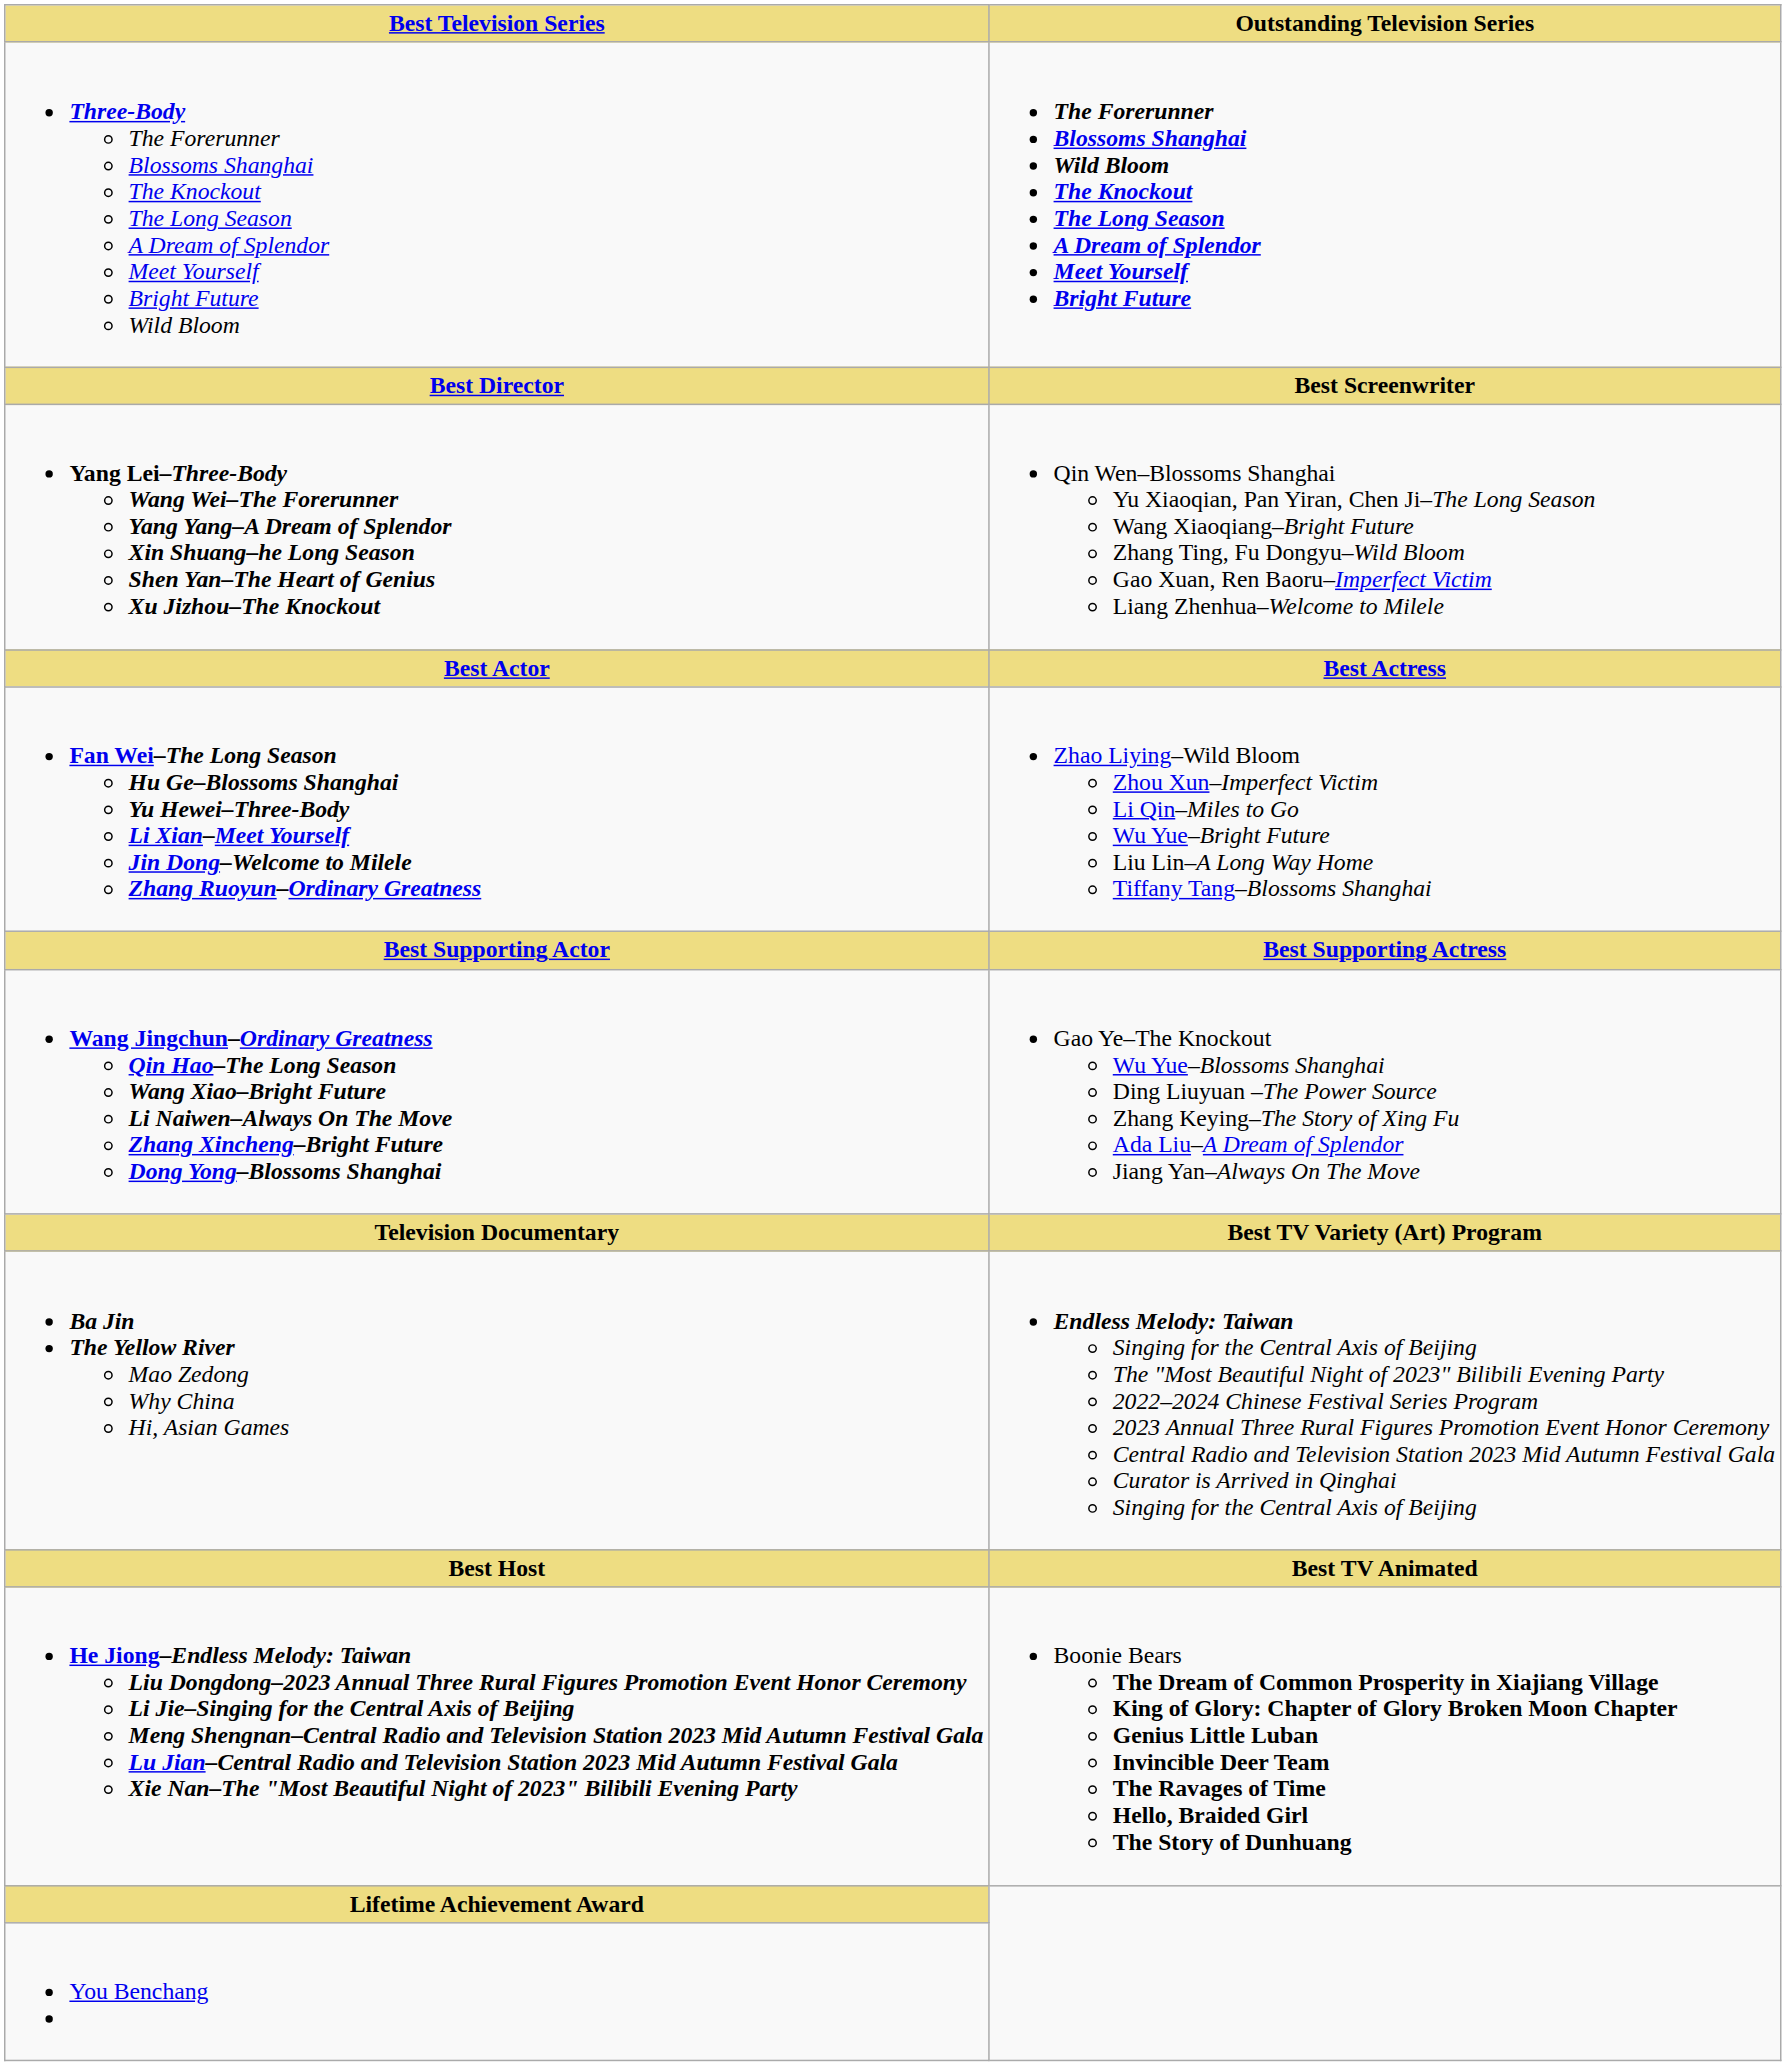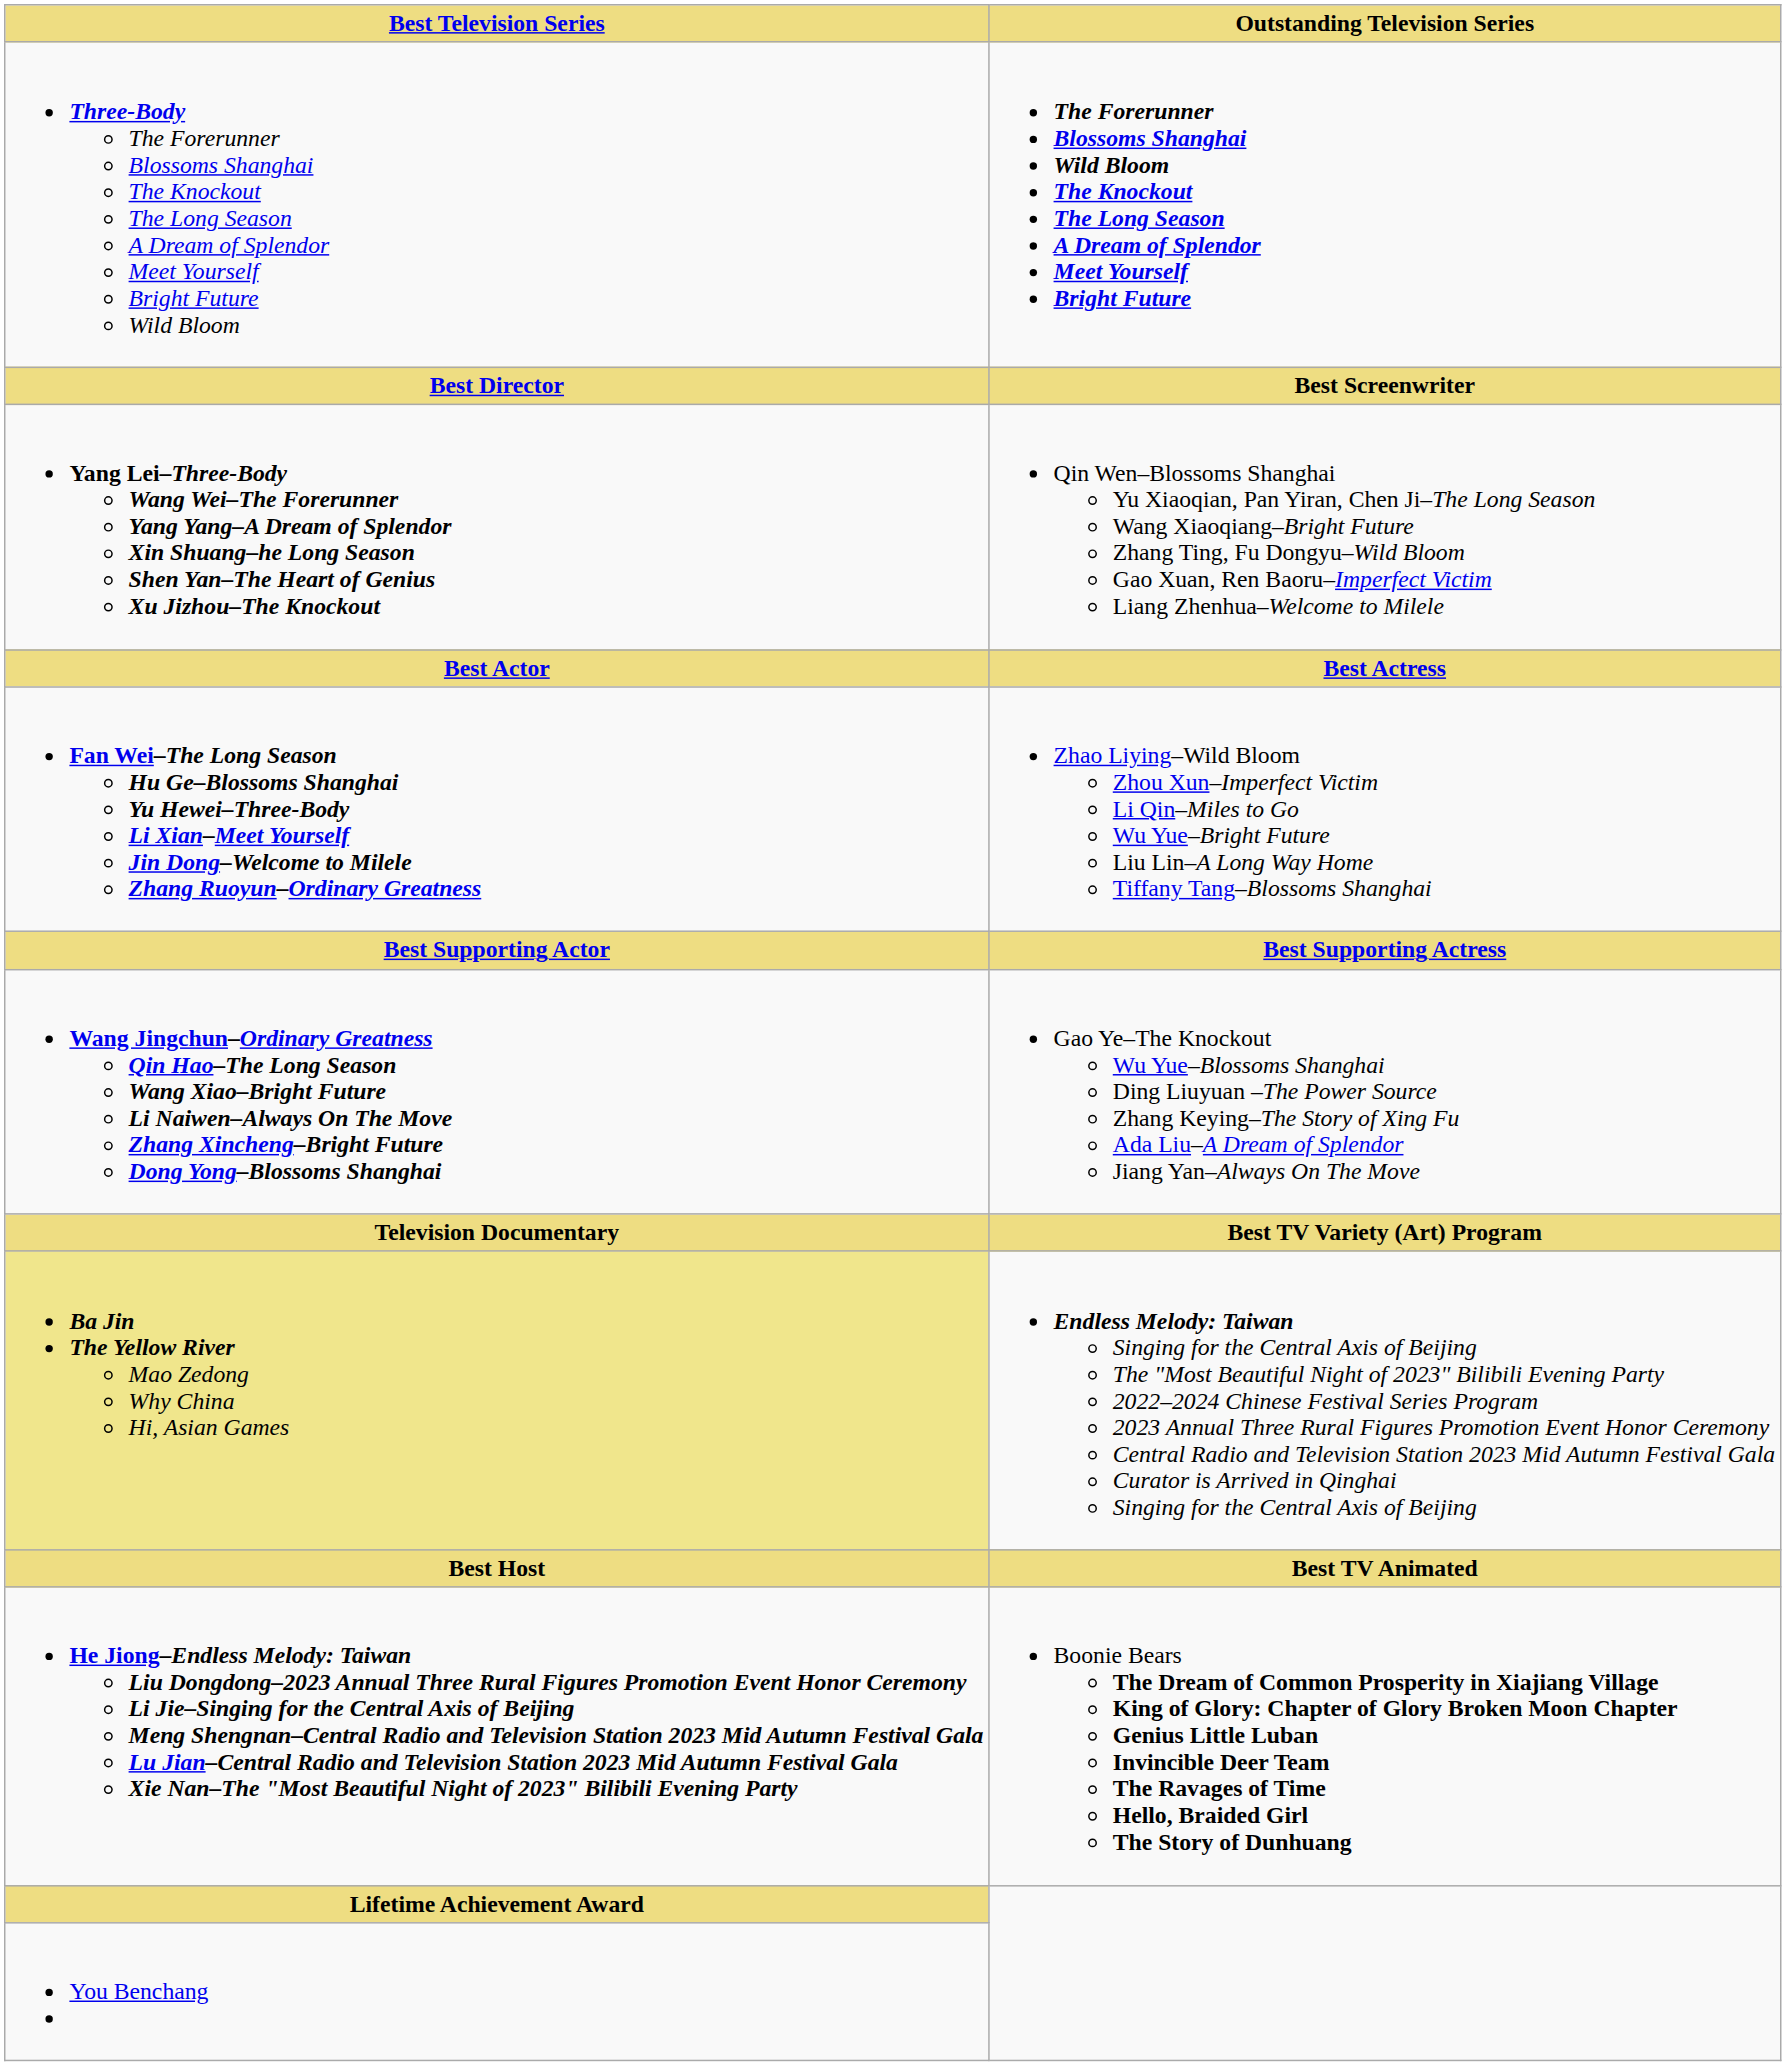 <table class="wikitable">
 <tr>
 <th style="background:#EEDD82; width=50%"><a href='#'>Best Television Series</a></th>
 <th style="background:#EEDD82; width=50%">Outstanding Television Series</th>
 </tr>
 <tr>
 <td valign="top"><br><ul><li><strong><em><a href='#'>Three-Body</a></em></strong><ul><li><em>The Forerunner</em></li><li><em><a href='#'>Blossoms Shanghai</a></em></li><li><em><a href='#'>The Knockout</a></em></li><li><em><a href='#'>The Long Season</a></em></li><li><em><a href='#'>A Dream of Splendor</a></em></li><li><em><a href='#'>Meet Yourself</a></em></li><li><em><a href='#'>Bright Future</a></em></li><li><em>Wild Bloom</em></li></ul></li></ul></td>
 <td valign="top"><br><ul><li><strong><em>The Forerunner</em></strong></li><li><strong><em><a href='#'>Blossoms Shanghai</a></em></strong></li><li><strong><em>Wild Bloom</em></strong></li><li><strong><em><a href='#'>The Knockout</a></em></strong></li><li><strong><em><a href='#'>The Long Season</a></em></strong></li><li><strong><em><a href='#'>A Dream of Splendor</a></em></strong></li><li><strong><em><a href='#'>Meet Yourself</a></em></strong></li><li><strong><em><a href='#'>Bright Future</a></em></strong></li></ul></td>
 </tr>
 <tr>
 <th style="background:#EEDD82; width=50%"><a href='#'>Best Director</a></th>
 <th style="background:#EEDD82; width=50%">Best Screenwriter</th>
 </tr>
 <tr>
 <td valign="top"><br><ul><li><strong>Yang Lei–<em>Three-Body<strong><em><ul><li>Wang Wei–</em>The Forerunner<em></li><li>Yang Yang–</em>A Dream of Splendor<em></li><li>Xin Shuang–</em>he Long Season<em></li><li>Shen Yan–</em>The Heart of Genius<em></li><li>Xu Jizhou–</em>The Knockout<em></li></ul></li></ul></td>
 <td valign="top"><br><ul><li></strong>Qin Wen–</em>Blossoms Shanghai</em></strong><ul><li>Yu Xiaoqian, Pan Yiran, Chen Ji–<em>The Long Season</em></li><li>Wang Xiaoqiang–<em>Bright Future</em></li><li>Zhang Ting, Fu Dongyu–<em>Wild Bloom</em></li><li>Gao Xuan, Ren Baoru–<em><a href='#'>Imperfect Victim</a></em></li><li>Liang Zhenhua–<em>Welcome to Milele</em></li></ul></li></ul></td>
 </tr>
 <tr>
 <th style="background:#EEDD82; width=50%"><a href='#'>Best Actor</a></th>
 <th style="background:#EEDD82; width=50%"><a href='#'>Best Actress</a></th>
 </tr>
 <tr>
 <td valign="top"><br><ul><li><strong><a href='#'>Fan Wei</a>–<em>The Long Season<strong><em><ul><li>Hu Ge–</em>Blossoms Shanghai<em></li><li>Yu Hewei–</em>Three-Body<em></li><li><a href='#'>Li Xian</a>–</em><a href='#'>Meet Yourself</a><em></li><li><a href='#'>Jin Dong</a>–</em>Welcome to Milele<em></li><li><a href='#'>Zhang Ruoyun</a>–</em><a href='#'>Ordinary Greatness</a><em></li></ul></li></ul></td>
 <td valign="top"><br><ul><li></strong><a href='#'>Zhao Liying</a>–</em>Wild Bloom</em></strong><ul><li><a href='#'>Zhou Xun</a>–<em>Imperfect Victim </em></li><li><a href='#'>Li Qin</a>–<em>Miles to Go</em></li><li><a href='#'>Wu Yue</a>–<em>Bright Future</em></li><li>Liu Lin–<em>A Long Way Home</em></li><li><a href='#'>Tiffany Tang</a>–<em>Blossoms Shanghai</em></li></ul></li></ul></td>
 </tr>
 <tr>
 <th style="background:#EEDD82; width=50%"><a href='#'>Best Supporting Actor</a></th>
 <th style="background:#EEDD82; width=50%"><a href='#'>Best Supporting Actress</a></th>
 </tr>
 <tr>
 <td valign="top"><br><ul><li><strong><a href='#'>Wang Jingchun</a>–<em><a href='#'>Ordinary Greatness</a><strong><em><ul><li><a href='#'>Qin Hao</a>–</em>The Long Season<em></li><li>Wang Xiao–</em>Bright Future<em></li><li>Li Naiwen–</em>Always On The Move<em></li><li><a href='#'>Zhang Xincheng</a>–</em>Bright Future<em></li><li><a href='#'>Dong Yong</a>–</em>Blossoms Shanghai<em></li></ul></li></ul></td>
 <td valign="top"><br><ul><li></strong>Gao Ye–</em>The Knockout</em></strong><ul><li><a href='#'>Wu Yue</a>–<em>Blossoms Shanghai</em></li><li>Ding Liuyuan –<em>The Power Source</em></li><li>Zhang Keying–<em>The Story of Xing Fu</em></li><li><a href='#'>Ada Liu</a>–<em><a href='#'>A Dream of Splendor</a></em></li><li>Jiang Yan–<em>Always On The Move</em></li></ul></li></ul></td>
 </tr>
 <tr>
 <th style="background:#EEDD82; width=50%">Television Documentary</th>
 <th style="background:#EEDD82; width=50%">Best TV Variety (Art) Program</th>
 </tr>
 <tr>
-<td valign="top"><br><ul><li><strong><em>Ba Jin</em></strong></li><li><strong><em>The Yellow River</em></strong><ul><li><em>Mao Zedong</em></li><li><em>Why China</em></li><li><em>Hi, Asian Games</em></li></ul></li></ul></td>
+<td valign="top" style="background: khaki;"><br><ul><li><strong><em>Ba Jin</em></strong></li><li><strong><em>The Yellow River</em></strong><ul><li><em>Mao Zedong</em></li><li><em>Why China</em></li><li><em>Hi, Asian Games</em></li></ul></li></ul></td>
 <td valign="top"><br><ul><li><strong><em>Endless Melody: Taiwan</em></strong><ul><li><em>Singing for the Central Axis of Beijing</em></li><li><em>The "Most Beautiful Night of 2023" Bilibili Evening Party</em></li><li><em>2022–2024 Chinese Festival Series Program</em></li><li><em>2023 Annual Three Rural Figures Promotion Event Honor Ceremony</em></li><li><em>Central Radio and Television Station 2023 Mid Autumn Festival Gala</em></li><li><em>Curator is Arrived in Qinghai</em></li><li><em>Singing for the Central Axis of Beijing</em></li></ul></li></ul></td>
 </tr>
 <tr>
 <th style="background:#EEDD82; width=50%">Best Host</th>
 <th style="background:#EEDD82; width=50%">Best TV Animated</th>
 </tr>
 <tr>
 <td valign="top"><br><ul><li><strong><a href='#'>He Jiong</a>–<em>Endless Melody: Taiwan<strong><em><ul><li>Liu Dongdong–</em>2023 Annual Three Rural Figures Promotion Event Honor Ceremony<em></li><li>Li Jie–</em>Singing for the Central Axis of Beijing<em></li><li>Meng Shengnan–</em>Central Radio and Television Station 2023 Mid Autumn Festival Gala<em></li><li><a href='#'>Lu Jian</a>–</em>Central Radio and Television Station 2023 Mid Autumn Festival Gala<em></li><li>Xie Nan–</em>The "Most Beautiful Night of 2023" Bilibili Evening Party<em></li></ul></li></ul></td>
 <td valign="top"><br><ul><li></em></strong>Boonie Bears<strong><em><ul><li></em>The Dream of Common Prosperity in Xiajiang Village<em></li><li></em>King of Glory: Chapter of Glory Broken Moon Chapter<em></li><li></em>Genius Little Luban<em></li><li></em>Invincible Deer Team<em></li><li></em>The Ravages of Time<em></li><li></em>Hello, Braided Girl<em></li><li></em>The Story of Dunhuang<em></li></ul></li></ul></td>
 </tr>
 <tr>
 <th style="background:#EEDD82; width=50%">Lifetime Achievement Award</th>
 </tr>
 <tr>
 <td valign="top"><br><ul><li></strong><a href='#'>You Benchang</a><strong></li><li></strong><strong></li></ul></td>
 </tr>
 </table>
